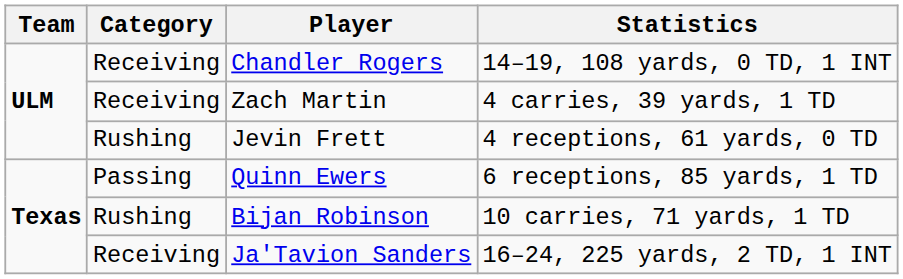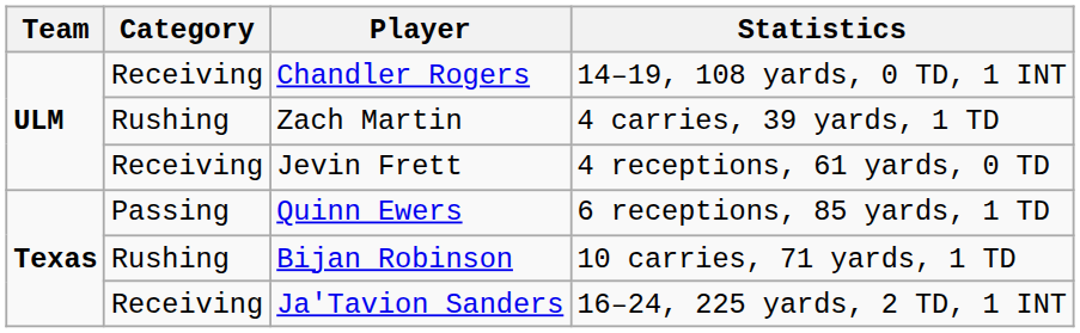 <table class="wikitable" style="float: right;">
 <tr>
 <th>Team</th>
 <th>Category</th>
 <th>Player</th>
 <th>Statistics</th>
 </tr>
 <tr>
 <td rowspan=3><strong>ULM</strong></td>
 <td>Receiving</td>
 <td><a href='#'>Chandler Rogers</a></td>
 <td>14–19, 108 yards, 0 TD, 1 INT</td>
 </tr>
 <tr>
-<td>Receiving</td>
+<td>Rushing</td>
 <td>Zach Martin</td>
 <td>4 carries, 39 yards, 1 TD</td>
 </tr>
 <tr>
-<td>Rushing</td>
+<td>Receiving</td>
 <td>Jevin Frett</td>
 <td>4 receptions, 61 yards, 0 TD</td>
 </tr>
 <tr>
 <td rowspan=3><strong>Texas</strong></td>
 <td>Passing</td>
 <td><a href='#'>Quinn Ewers</a></td>
 <td>6 receptions, 85 yards, 1 TD</td>
 </tr>
 <tr>
 <td>Rushing</td>
 <td><a href='#'>Bijan Robinson</a></td>
 <td>10 carries, 71 yards, 1 TD</td>
 </tr>
 <tr>
 <td>Receiving</td>
 <td><a href='#'>Ja'Tavion Sanders</a></td>
 <td>16–24, 225 yards, 2 TD, 1 INT</td>
 </tr>
 </table>
